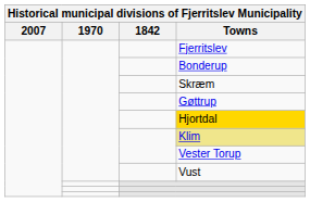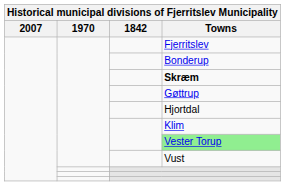 <table class="wikitable" style="margin-left:1em;" style="text-align: center">
 <tr>
 <th colspan="99">Historical municipal divisions of Fjerritslev Municipality</th>
 </tr>
 <tr>
 <th>2007</th>
 <th>1970</th>
 <th>1842</th>
 <th>Towns</th>
 </tr>
 <tr>
 <td rowspan="99"></td>
 <td rowspan="8"></td>
 <td colspan="1"></td>
 <td><a href='#'>Fjerritslev</a></td>
 </tr>
 <tr>
 <td colspan="1"></td>
 <td><a href='#'>Bonderup</a></td>
 </tr>
 <tr>
 <td colspan="1"></td>
-<td>Skræm</td>
+<td><strong>Skræm</strong></td>
 </tr>
 <tr>
 <td colspan="1"></td>
 <td><a href='#'>Gøttrup</a></td>
 </tr>
 <tr>
 <td colspan="1"></td>
-<td style="background: gold;">Hjortdal</td>
+<td>Hjortdal</td>
 </tr>
 <tr>
 <td colspan="1" rowspan="2"></td>
-<td style="background: khaki;"><a href='#'>Klim</a></td>
+<td><a href='#'>Klim</a></td>
 </tr>
 <tr>
-<td><a href='#'>Vester Torup</a></td>
+<td style="background: lightgreen;"><a href='#'>Vester Torup</a></td>
 </tr>
 <tr>
 <td colspan="1"></td>
 <td>Vust</td>
 </tr>
 <tr>
 <td></td>
 <td colspan="3" style="background:#E5E5E5;"></td>
 </tr>
 <tr>
 <td></td>
 <td colspan="3" style="background:#E5E5E5;"></td>
 </tr>
 <tr>
 <td></td>
 <td colspan="3" style="background:#E5E5E5;"></td>
 </tr>
 </table>
